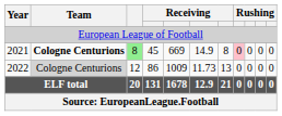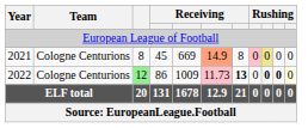 <table class="wikitable" style="text-align: center;">
 <tr>
 <th rowspan="2">Year</th>
 <th rowspan="2">Team</th>
 <th rowspan="2"></th>
 <th colspan="4">Receiving</th>
 <th colspan="4">Rushing</th>
 </tr>
 <tr>
 <th></th>
 <th></th>
 <th></th>
 <th></th>
 <th></th>
 <th></th>
 <th></th>
 <th></th>
 </tr>
 <tr>
 <td colspan="15" style="background-color:#D1D1D1"><a href='#'>European League of Football</a> </td>
 </tr>
 <tr>
 <td>2021</td>
-<td><strong>Cologne Centurions</strong></td>
-<td style="background: lightgreen;">8</td>
+<td>Cologne Centurions</td>
+<td>8</td>
 <td>45</td>
 <td>669</td>
-<td>14.9</td>
+<td style="background: lightsalmon;">14.9</td>
 <td>8</td>
 <td style="background: pink;">0</td>
-<td>0</td>
+<td style="background: khaki;">0</td>
 <td>0</td>
 <td>0</td>
 </tr>
 <tr>
 <td>2022</td>
-<td style="background: lightgrey;">Cologne Centurions</td>
-<td>12</td>
+<td>Cologne Centurions</td>
+<td style="background: lightgreen;">12</td>
 <td>86</td>
 <td>1009</td>
-<td>11.73</td>
-<td>13</td>
+<td style="background: pink;">11.73</td>
+<td><strong>13</strong></td>
 <td>0</td>
-<td>0</td>
-<td>0</td>
-<td>0</td>
+<td><strong>0</strong></td>
+<td><strong>0</strong></td>
+<td style="background: lightyellow;">0</td>
 </tr>
 <tr style="background:#555555; font-weight:bold; color:white;">
 <td colspan="2">ELF total</td>
 <td>20</td>
 <td>131</td>
 <td>1678</td>
 <td>12.9</td>
 <td>21</td>
 <td>0</td>
 <td>0</td>
 <td>0</td>
 <td>0</td>
 </tr>
 <tr>
 <th colspan="15">Source: EuropeanLeague.Football</th>
 </tr>
 </table>
